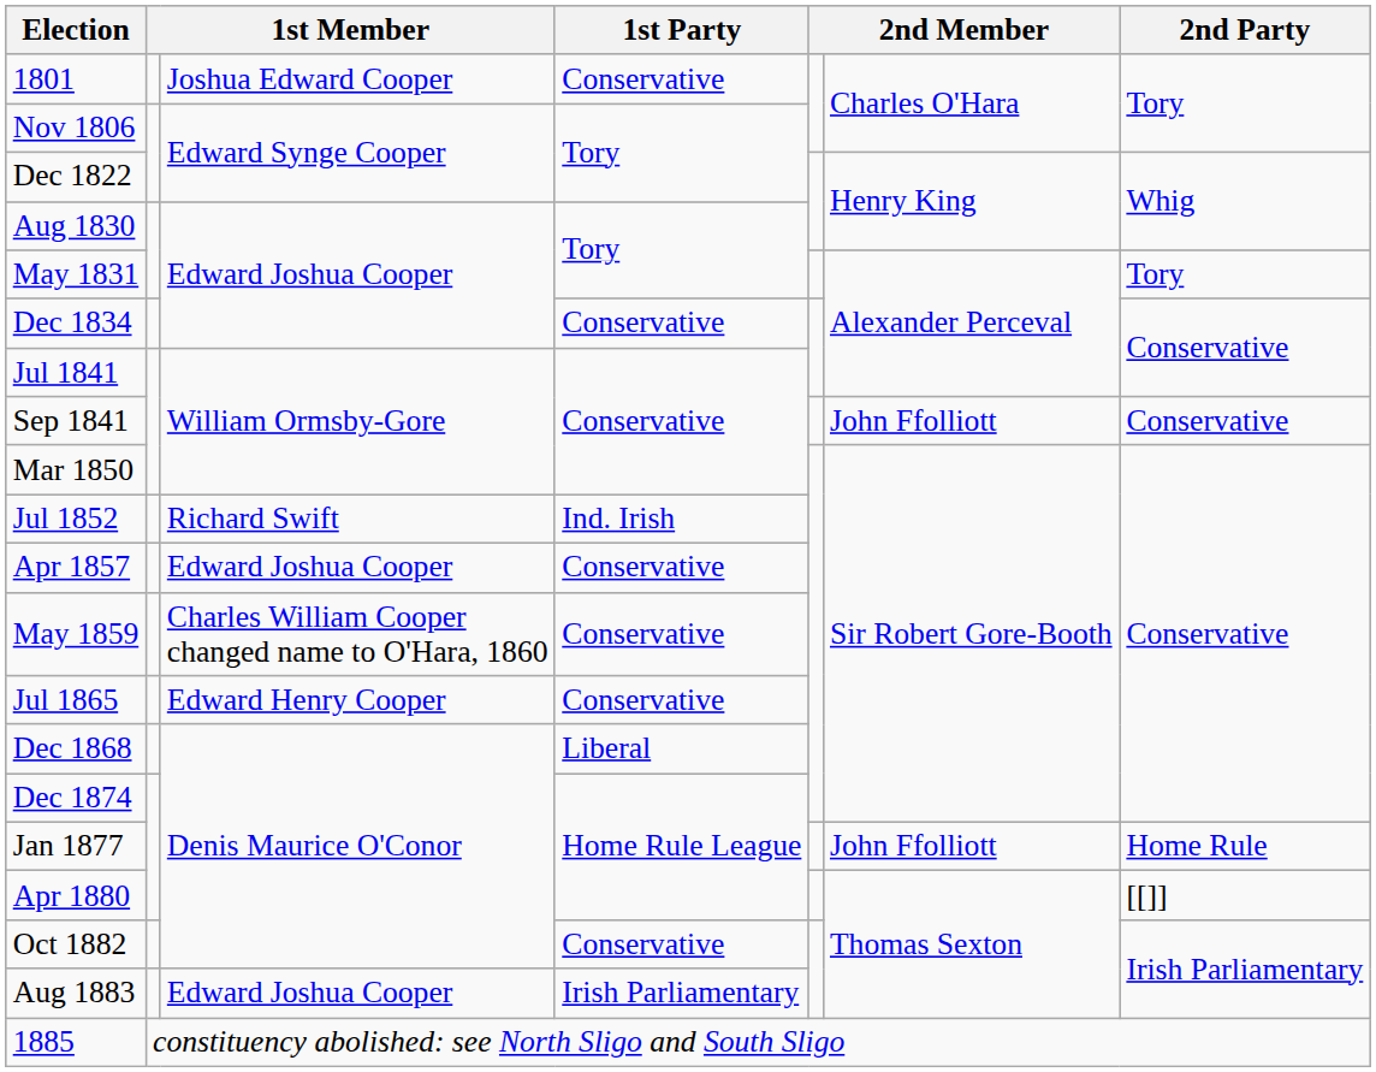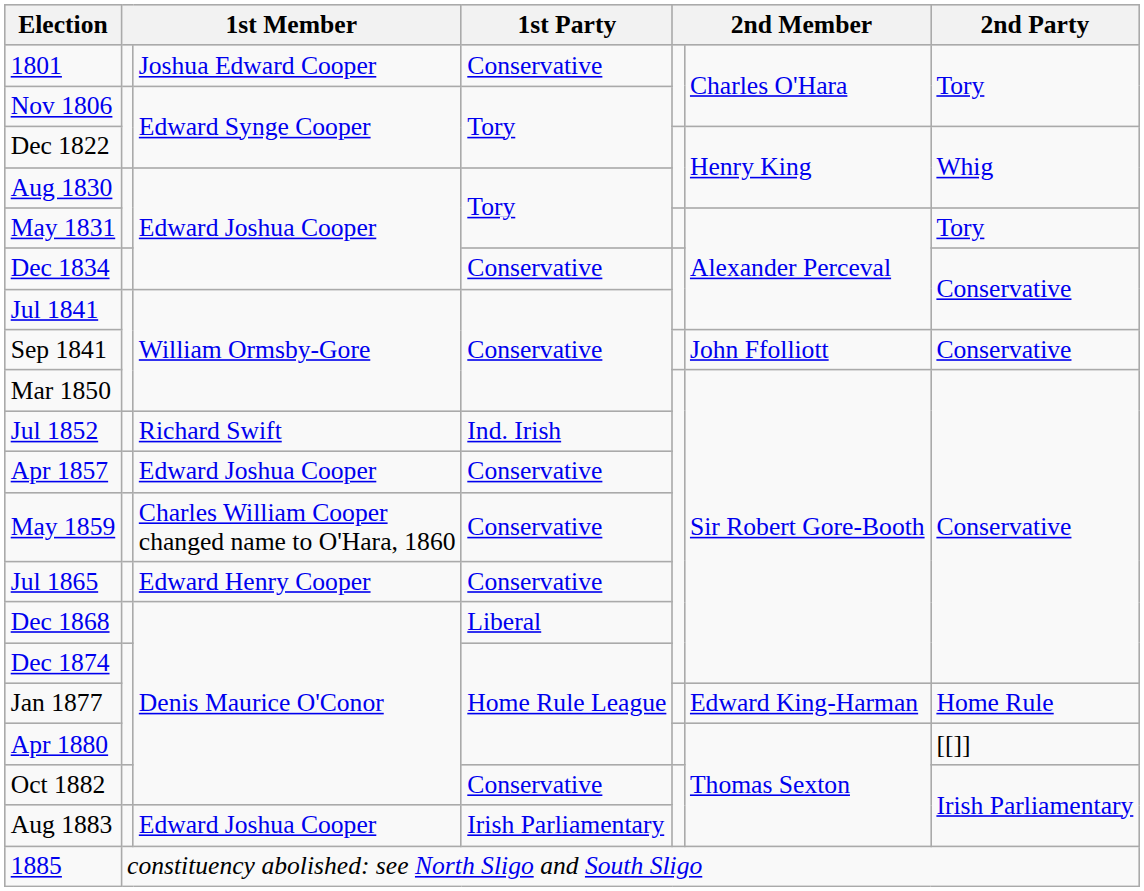 <table class="wikitable">
 <tr>
 <th>Election</th>
 <th colspan="2">1st Member</th>
 <th>1st Party</th>
 <th colspan="2">2nd Member</th>
 <th>2nd Party</th>
 </tr>
 <tr>
 <td><a href='#'>1801</a></td>
 <td style="color:inherit;background-color: "></td>
 <td><a href='#'>Joshua Edward Cooper</a> 	</td>
 <td><a href='#'>Conservative</a></td>
 <td rowspan="2" style="color:inherit;background-color: "></td>
 <td rowspan="2"><a href='#'>Charles O'Hara</a> 	</td>
 <td rowspan="2"><a href='#'>Tory</a></td>
 </tr>
 <tr>
 <td><a href='#'>Nov 1806</a></td>
 <td rowspan="2" style="color:inherit;background-color: "></td>
 <td rowspan="2"><a href='#'>Edward Synge Cooper</a> 	</td>
 <td rowspan="2"><a href='#'>Tory</a></td>
 </tr>
 <tr>
 <td>Dec 1822</td>
 <td rowspan="2" style="color:inherit;background-color: "></td>
 <td rowspan="2"><a href='#'>Henry King</a> 	</td>
 <td rowspan="2"><a href='#'>Whig</a></td>
 </tr>
 <tr>
 <td><a href='#'>Aug 1830</a></td>
 <td rowspan="2" style="color:inherit;background-color: "></td>
 <td rowspan="3"><a href='#'>Edward Joshua Cooper</a> 	</td>
 <td rowspan="2"><a href='#'>Tory</a></td>
 </tr>
 <tr>
 <td><a href='#'>May 1831</a></td>
 <td style="color:inherit;background-color: "></td>
 <td rowspan="3"><a href='#'>Alexander Perceval</a> 	</td>
 <td><a href='#'>Tory</a></td>
 </tr>
 <tr>
 <td><a href='#'>Dec 1834</a></td>
 <td style="color:inherit;background-color: "></td>
 <td><a href='#'>Conservative</a></td>
 <td rowspan="2" style="color:inherit;background-color: "></td>
 <td rowspan="2"><a href='#'>Conservative</a></td>
 </tr>
 <tr>
 <td><a href='#'>Jul 1841</a></td>
 <td rowspan="3" style="color:inherit;background-color: "></td>
 <td rowspan="3"><a href='#'>William Ormsby-Gore</a> 	</td>
 <td rowspan="3"><a href='#'>Conservative</a></td>
 </tr>
 <tr>
 <td>Sep 1841</td>
 <td style="color:inherit;background-color: "></td>
 <td><a href='#'>John Ffolliott</a> 	</td>
 <td><a href='#'>Conservative</a></td>
 </tr>
 <tr>
 <td>Mar 1850</td>
 <td rowspan="7" style="color:inherit;background-color: "></td>
 <td rowspan="7"><a href='#'>Sir Robert Gore-Booth</a> 	</td>
 <td rowspan="7"><a href='#'>Conservative</a></td>
 </tr>
 <tr>
 <td><a href='#'>Jul 1852</a></td>
 <td style="color:inherit;background-color: "></td>
 <td><a href='#'>Richard Swift</a> 	</td>
 <td><a href='#'>Ind. Irish</a></td>
 </tr>
 <tr>
 <td><a href='#'>Apr 1857</a></td>
 <td style="color:inherit;background-color: "></td>
 <td><a href='#'>Edward Joshua Cooper</a> 	</td>
 <td><a href='#'>Conservative</a></td>
 </tr>
 <tr>
 <td><a href='#'>May 1859</a></td>
 <td style="color:inherit;background-color: "></td>
 <td><a href='#'>Charles William Cooper</a> <br>changed name to O'Hara, 1860 </td>
 <td><a href='#'>Conservative</a></td>
 </tr>
 <tr>
 <td><a href='#'>Jul 1865</a></td>
 <td style="color:inherit;background-color: "></td>
 <td><a href='#'>Edward Henry Cooper</a> 	</td>
 <td><a href='#'>Conservative</a></td>
 </tr>
 <tr>
 <td><a href='#'>Dec 1868</a></td>
 <td style="color:inherit;background-color: "></td>
 <td rowspan="5"><a href='#'>Denis Maurice O'Conor</a> 	</td>
 <td><a href='#'>Liberal</a></td>
 </tr>
 <tr>
 <td><a href='#'>Dec 1874</a></td>
 <td rowspan="3" style="color:inherit;background-color: "></td>
 <td rowspan="3"><a href='#'>Home Rule League</a></td>
 </tr>
 <tr>
 <td>Jan 1877</td>
 <td style="color:inherit;background-color: "></td>
-<td><a href='#'>John Ffolliott</a> 	</td>
+<td><a href='#'>Edward King-Harman</a> 	</td>
 <td><a href='#'>Home Rule</a></td>
 </tr>
 <tr>
 <td><a href='#'>Apr 1880</a></td>
 <td style="color:inherit;background-color: "></td>
 <td rowspan="3"><a href='#'>Thomas Sexton</a> 	</td>
 <td>[[]]</td>
 </tr>
 <tr>
 <td>Oct 1882</td>
 <td style="color:inherit;background-color: "></td>
 <td><a href='#'>Conservative</a></td>
 <td rowspan=2 style="color:inherit;background-color: "></td>
 <td rowspan=2><a href='#'>Irish Parliamentary</a></td>
 </tr>
 <tr>
 <td>Aug 1883</td>
 <td style="color:inherit;background-color: "></td>
 <td><a href='#'>Edward Joshua Cooper</a> 	</td>
 <td><a href='#'>Irish Parliamentary</a></td>
 </tr>
 <tr>
 <td><a href='#'>1885</a></td>
 <td colspan="6"><em>constituency abolished: see <a href='#'>North Sligo</a> and <a href='#'>South Sligo</a></em></td>
 </tr>
 </table>
